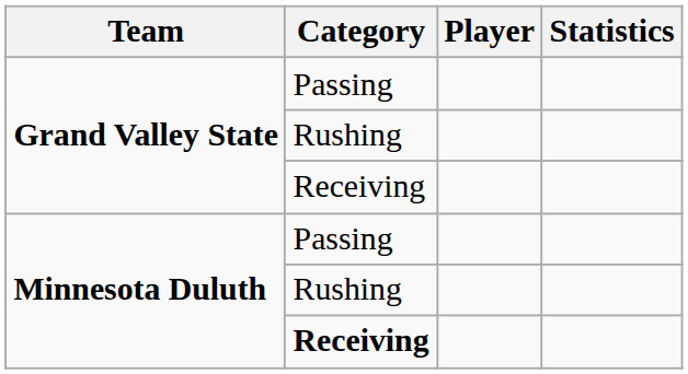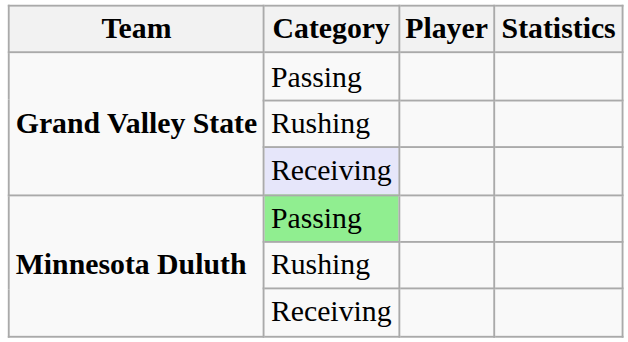 <table class="wikitable" style="float: right;">
 <tr>
 <th>Team</th>
 <th>Category</th>
 <th>Player</th>
 <th>Statistics</th>
 </tr>
 <tr>
 <td rowspan=3><strong>Grand Valley State</strong></td>
 <td>Passing</td>
 <td></td>
 <td></td>
 </tr>
 <tr>
 <td>Rushing</td>
 <td></td>
 <td></td>
 </tr>
 <tr>
-<td>Receiving</td>
+<td style="background: lavender;">Receiving</td>
 <td></td>
 <td></td>
 </tr>
 <tr>
 <td rowspan=3><strong>Minnesota Duluth</strong></td>
-<td>Passing</td>
+<td style="background: lightgreen;">Passing</td>
 <td></td>
 <td></td>
 </tr>
 <tr>
 <td>Rushing</td>
 <td></td>
 <td></td>
 </tr>
 <tr>
-<td><strong>Receiving</strong></td>
+<td>Receiving</td>
 <td></td>
 <td></td>
 </tr>
 </table>
